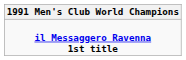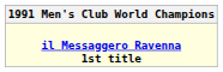 <table class="wikitable" style="text-align:center; margin:auto">
 <tr>
 <th>1991 Men's Club World Champions</th>
 </tr>
 <tr>
-<td><br><strong><a href='#'>il Messaggero Ravenna</a></strong><br><strong>1st title</strong></td>
+<td style="background: lightyellow;"><br><strong><a href='#'>il Messaggero Ravenna</a></strong><br><strong>1st title</strong></td>
 </tr>
 </table>
